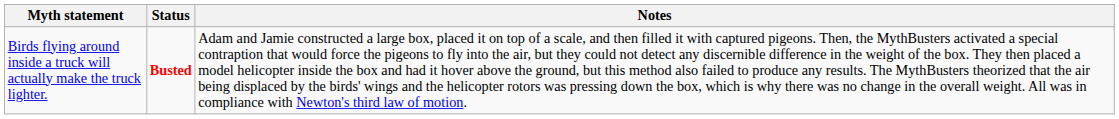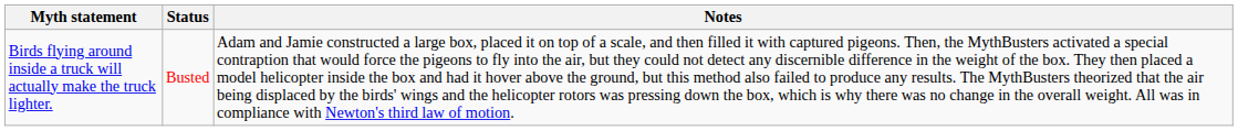 <table class="wikitable plainrowheaders">
 <tr>
 <th>Myth statement</th>
 <th>Status</th>
 <th>Notes</th>
 </tr>
 <tr>
 <td><a href='#'>Birds flying around inside a truck will actually make the truck lighter.</a></td>
-<td style="color:red"><strong>Busted</strong></td>
+<td style="color:red">Busted</td>
 <td>Adam and Jamie constructed a large box, placed it on top of a scale, and then filled it with captured pigeons. Then, the MythBusters activated a special contraption that would force the pigeons to fly into the air, but they could not detect any discernible difference in the weight of the box. They then placed a model helicopter inside the box and had it hover above the ground, but this method also failed to produce any results. The MythBusters theorized that the air being displaced by the birds' wings and the helicopter rotors was pressing down the box, which is why there was no change in the overall weight. All was in compliance with <a href='#'>Newton's third law of motion</a>.</td>
 </tr>
 </table>
